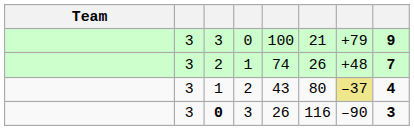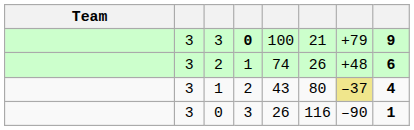 <table class="wikitable" style="text-align:center;">
 <tr>
 <th style="width:11.0em;">Team</th>
 <th style="width:1.5em;"></th>
 <th style="width:1.5em;"></th>
 <th style="width:1.5em;"></th>
 <th style="width:2.0em;"></th>
 <th style="width:2.0em;"></th>
 <th style="width:2.0em;"></th>
 <th style="width:2.0em;"></th>
 </tr>
 <tr bgcolor="#cfc">
 <td align="left"></td>
 <td>3</td>
 <td>3</td>
-<td>0</td>
+<td><strong>0</strong></td>
 <td>100</td>
 <td>21</td>
 <td>+79</td>
 <td><strong>9</strong></td>
 </tr>
 <tr bgcolor="#cfc">
 <td align="left"></td>
 <td>3</td>
 <td>2</td>
 <td>1</td>
 <td>74</td>
 <td>26</td>
 <td>+48</td>
-<td><strong>7</strong></td>
+<td><strong>6</strong></td>
 </tr>
 <tr>
 <td align="left"></td>
 <td>3</td>
 <td>1</td>
 <td>2</td>
 <td>43</td>
 <td>80</td>
 <td style="background: khaki;">–37</td>
 <td><strong>4</strong></td>
 </tr>
 <tr>
 <td align="left"></td>
 <td>3</td>
-<td><strong>0</strong></td>
+<td>0</td>
 <td>3</td>
 <td>26</td>
 <td>116</td>
 <td>–90</td>
-<td><strong>3</strong></td>
+<td><strong>1</strong></td>
 </tr>
 </table>
